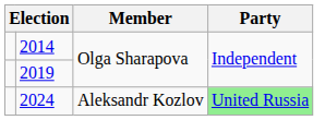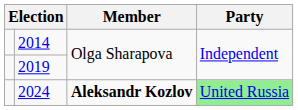 <table class="wikitable">
 <tr>
 <th colspan="2">Election</th>
 <th>Member</th>
 <th>Party</th>
 </tr>
 <tr>
 <td style="background-color:"></td>
 <td><a href='#'>2014</a></td>
 <td rowspan=2>Olga Sharapova</td>
 <td rowspan=2><a href='#'>Independent</a></td>
 </tr>
 <tr>
 <td style="background-color:"></td>
 <td><a href='#'>2019</a></td>
 </tr>
 <tr>
 <td style="background-color:"></td>
 <td><a href='#'>2024</a></td>
-<td>Aleksandr Kozlov</td>
+<td><strong>Aleksandr Kozlov</strong></td>
 <td style="background: lightgreen;"><a href='#'>United Russia</a></td>
 </tr>
 </table>
